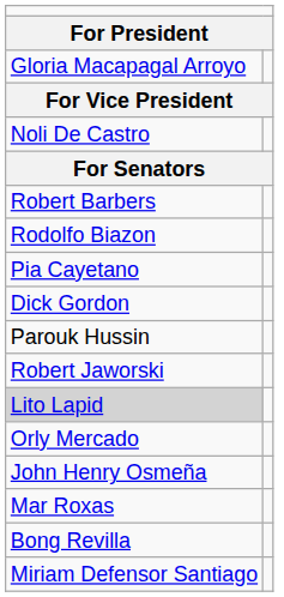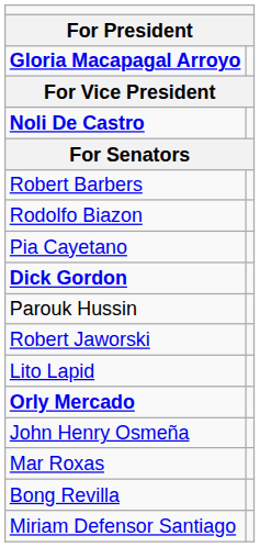 <table class=wikitable style="font-size:90%">
 <tr>
 <td colspan=4 bgcolor=></td>
 </tr>
 <tr>
 <th colspan=5>For President</th>
 </tr>
 <tr>
-<td><a href='#'>Gloria Macapagal Arroyo</a></td>
+<td><strong><a href='#'>Gloria Macapagal Arroyo</a></strong></td>
 <td></td>
 </tr>
 <tr>
 <th colspan=5>For Vice President</th>
 </tr>
 <tr>
-<td><a href='#'>Noli De Castro</a></td>
+<td><strong><a href='#'>Noli De Castro</a></strong></td>
 <td></td>
 </tr>
 <tr>
 <th colspan=5>For Senators</th>
 </tr>
 <tr>
 <td><a href='#'>Robert Barbers</a></td>
 <td></td>
 </tr>
 <tr>
 <td><a href='#'>Rodolfo Biazon</a></td>
 <td></td>
 </tr>
 <tr>
 <td><a href='#'>Pia Cayetano</a></td>
 <td></td>
 </tr>
 <tr>
-<td><a href='#'>Dick Gordon</a></td>
+<td><strong><a href='#'>Dick Gordon</a></strong></td>
 <td></td>
 </tr>
 <tr>
 <td>Parouk Hussin</td>
 <td></td>
 </tr>
 <tr>
 <td><a href='#'>Robert Jaworski</a></td>
 <td></td>
 </tr>
 <tr>
-<td style="background: lightgrey;"><a href='#'>Lito Lapid</a></td>
+<td><a href='#'>Lito Lapid</a></td>
 <td></td>
 </tr>
 <tr>
-<td><a href='#'>Orly Mercado</a></td>
+<td><strong><a href='#'>Orly Mercado</a></strong></td>
 <td></td>
 </tr>
 <tr>
 <td><a href='#'>John Henry Osmeña</a></td>
 <td></td>
 </tr>
 <tr>
 <td><a href='#'>Mar Roxas</a></td>
 <td></td>
 </tr>
 <tr>
 <td><a href='#'>Bong Revilla</a></td>
 <td></td>
 </tr>
 <tr>
 <td><a href='#'>Miriam Defensor Santiago</a></td>
 <td></td>
 </tr>
 </table>
